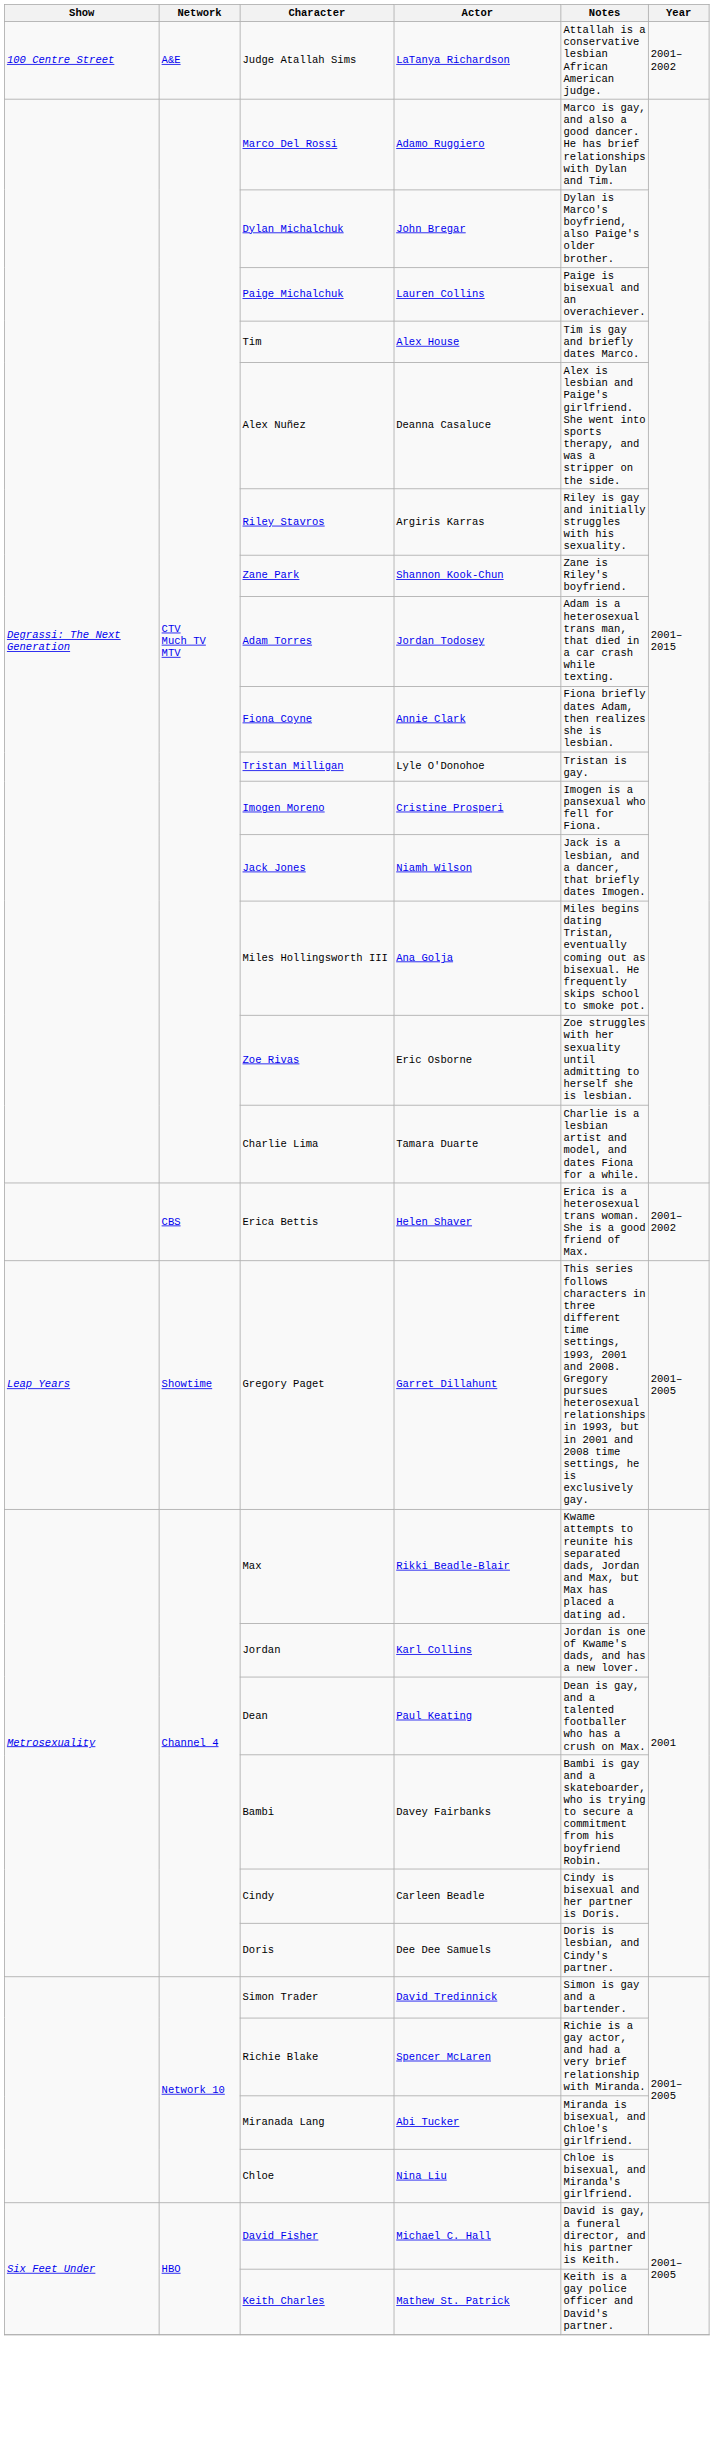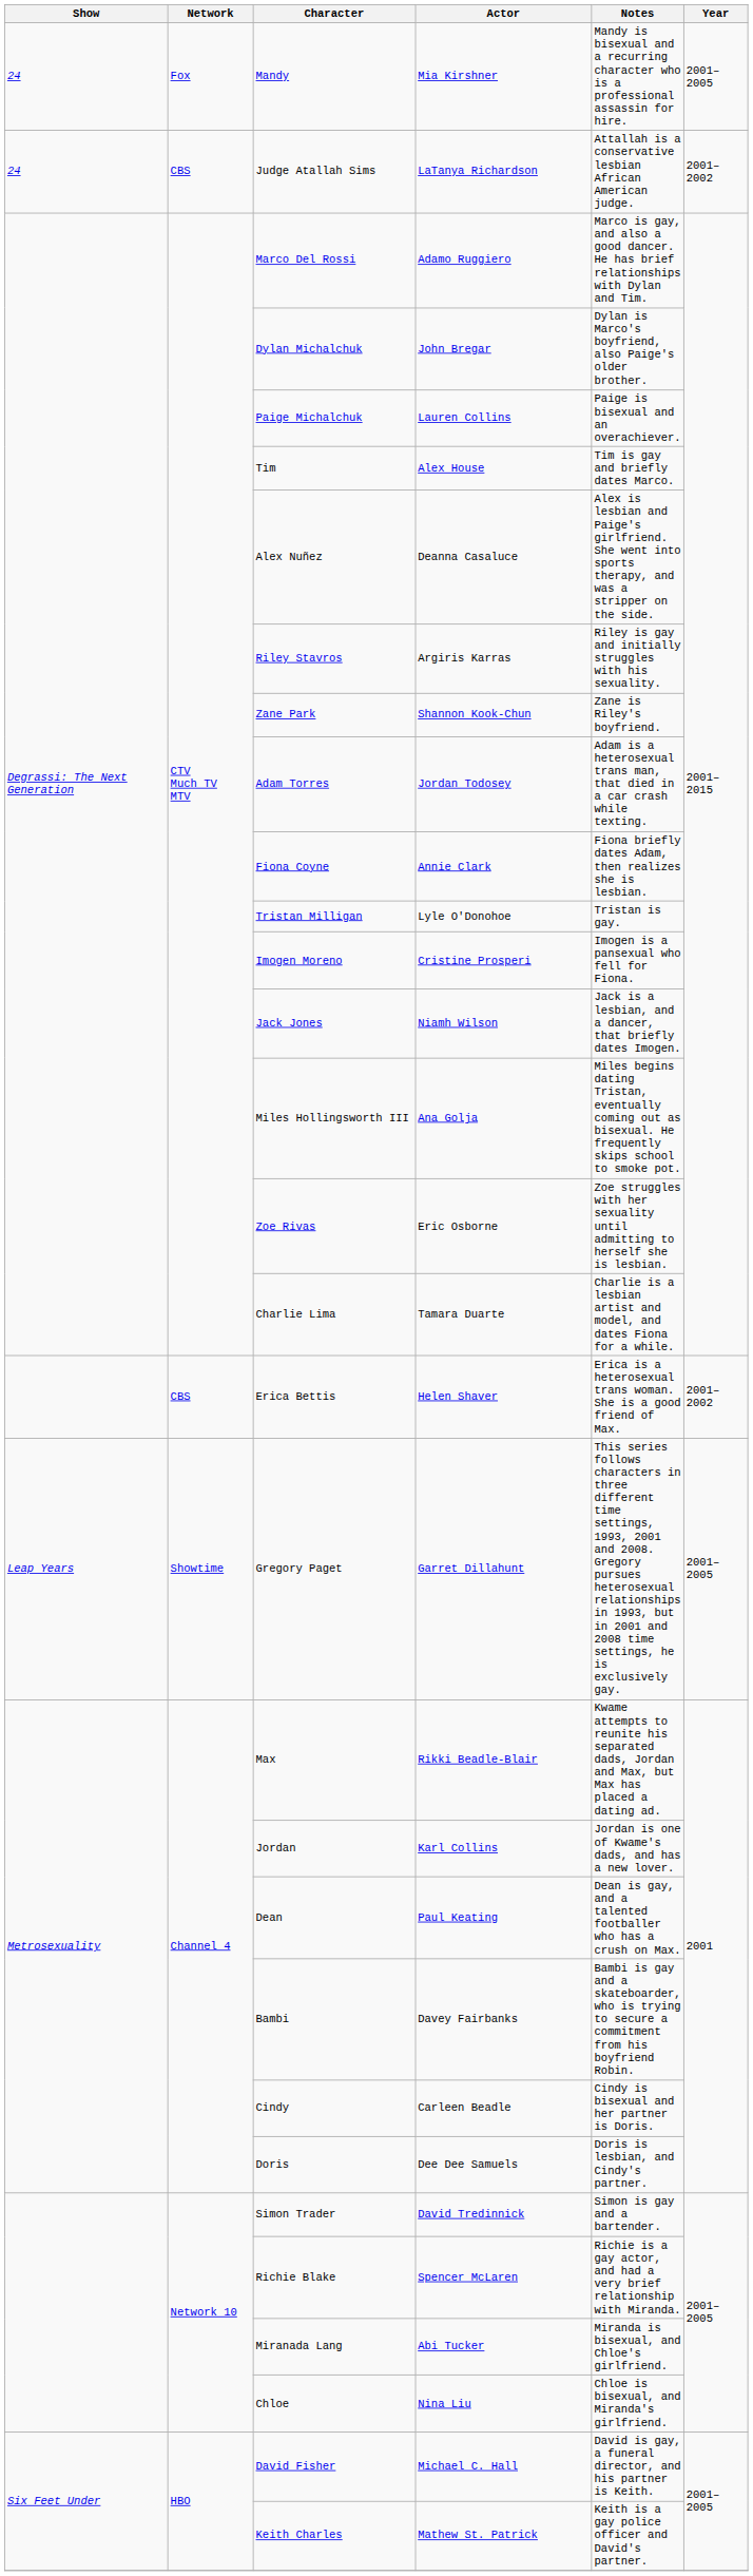 <table class="sortable wikitable" style="margins:auto; width=100%;">
 <tr>
 <th style="width:200px;">Show</th>
 <th style="width:100px;">Network</th>
 <th style="width:200px;">Character</th>
 <th style="width:225px;">Actor</th>
 <th>Notes</th>
 <th style="width:75px;">Year</th>
 </tr>
 <tr>
-<td><em><a href='#'>100 Centre Street</a></em></td>
-<td><a href='#'>A&E</a></td>
+<td><em><a href='#'>24</a></em></td>
+<td><a href='#'>Fox</a></td>
+<td><a href='#'>Mandy</a></td>
+<td><a href='#'>Mia Kirshner</a></td>
+<td>Mandy is bisexual and a recurring character who is a professional assassin for hire.</td>
+<td>2001–2005</td>
+</tr>
+<tr>
+<td><em><a href='#'>24</a></em></td>
+<td><a href='#'>CBS</a></td>
 <td>Judge Atallah Sims</td>
 <td><a href='#'>LaTanya Richardson</a></td>
 <td>Attallah is a conservative lesbian African American judge.</td>
 <td>2001–2002</td>
 </tr>
 <tr>
 <td rowspan="15"><em><a href='#'>Degrassi: The Next Generation</a></em></td>
 <td rowspan="15"><a href='#'>CTV</a><br><a href='#'>Much TV</a><br><a href='#'>MTV</a></td>
 <td><a href='#'>Marco Del Rossi</a></td>
 <td><a href='#'>Adamo Ruggiero</a></td>
 <td>Marco is gay, and also a good dancer. He has brief relationships with Dylan and Tim.</td>
 <td rowspan="15">2001–2015</td>
 </tr>
 <tr>
 <td><a href='#'>Dylan Michalchuk</a></td>
 <td><a href='#'>John Bregar</a></td>
 <td>Dylan is Marco's boyfriend, also Paige's older brother.</td>
 </tr>
 <tr>
 <td><a href='#'>Paige Michalchuk</a></td>
 <td><a href='#'>Lauren Collins</a></td>
 <td>Paige is bisexual and an overachiever.</td>
 </tr>
 <tr>
 <td>Tim</td>
 <td><a href='#'>Alex House</a></td>
 <td>Tim is gay and briefly dates Marco.</td>
 </tr>
 <tr>
 <td>Alex Nuñez</td>
 <td>Deanna Casaluce</td>
 <td>Alex is lesbian and Paige's girlfriend. She went into sports therapy, and was a stripper on the side.</td>
 </tr>
 <tr>
 <td><a href='#'>Riley Stavros</a></td>
 <td>Argiris Karras</td>
 <td>Riley is gay and initially struggles with his sexuality.</td>
 </tr>
 <tr>
 <td><a href='#'>Zane Park</a></td>
 <td><a href='#'>Shannon Kook-Chun</a></td>
 <td>Zane is Riley's boyfriend.</td>
 </tr>
 <tr>
 <td><a href='#'>Adam Torres</a></td>
 <td><a href='#'>Jordan Todosey</a></td>
 <td>Adam is a heterosexual trans man, that died in a car crash while texting.</td>
 </tr>
 <tr>
 <td><a href='#'>Fiona Coyne</a></td>
 <td><a href='#'>Annie Clark</a></td>
 <td>Fiona briefly dates Adam, then realizes she is lesbian.</td>
 </tr>
 <tr>
 <td><a href='#'>Tristan Milligan</a></td>
 <td>Lyle O'Donohoe</td>
 <td>Tristan is gay.</td>
 </tr>
 <tr>
 <td><a href='#'>Imogen Moreno</a></td>
 <td><a href='#'>Cristine Prosperi</a></td>
 <td>Imogen is a pansexual who fell for Fiona.</td>
 </tr>
 <tr>
 <td><a href='#'>Jack Jones</a></td>
 <td><a href='#'>Niamh Wilson</a></td>
 <td>Jack is a lesbian, and a dancer, that briefly dates Imogen.</td>
 </tr>
 <tr>
 <td>Miles Hollingsworth III</td>
 <td><a href='#'>Ana Golja</a></td>
 <td>Miles begins dating Tristan, eventually coming out as bisexual. He frequently skips school to smoke pot.</td>
 </tr>
 <tr>
 <td><a href='#'>Zoe Rivas</a></td>
 <td>Eric Osborne</td>
 <td>Zoe struggles with her sexuality until admitting to herself she is lesbian.</td>
 </tr>
 <tr>
 <td>Charlie Lima</td>
 <td>Tamara Duarte</td>
 <td>Charlie is a lesbian artist and model, and dates Fiona for a while.</td>
 </tr>
 <tr>
 <td><em></em></td>
 <td><a href='#'>CBS</a></td>
 <td>Erica Bettis</td>
 <td><a href='#'>Helen Shaver</a></td>
 <td>Erica is a heterosexual trans woman. She is a good friend of Max.</td>
 <td>2001–2002</td>
 </tr>
 <tr>
 <td><em><a href='#'>Leap Years</a></em></td>
 <td><a href='#'>Showtime</a></td>
 <td>Gregory Paget</td>
 <td><a href='#'>Garret Dillahunt</a></td>
 <td>This series follows characters in three different time settings, 1993, 2001 and 2008. Gregory pursues heterosexual relationships in 1993, but in 2001 and 2008 time settings, he is exclusively gay.</td>
 <td>2001–2005</td>
 </tr>
 <tr>
 <td rowspan="6"><em><a href='#'>Metrosexuality</a></em></td>
 <td rowspan="6"><a href='#'>Channel 4</a></td>
 <td>Max</td>
 <td><a href='#'>Rikki Beadle-Blair</a></td>
 <td>Kwame attempts to reunite his separated dads, Jordan and Max, but Max has placed a dating ad.</td>
 <td rowspan="6">2001</td>
 </tr>
 <tr>
 <td>Jordan</td>
 <td><a href='#'>Karl Collins</a></td>
 <td>Jordan is one of Kwame's dads, and has a new lover.</td>
 </tr>
 <tr>
 <td>Dean</td>
 <td><a href='#'>Paul Keating</a></td>
 <td>Dean is gay, and a talented footballer who has a crush on Max.</td>
 </tr>
 <tr>
 <td>Bambi</td>
 <td>Davey Fairbanks</td>
 <td>Bambi is gay and a skateboarder, who is trying to secure a commitment from his boyfriend Robin.</td>
 </tr>
 <tr>
 <td>Cindy</td>
 <td>Carleen Beadle</td>
 <td>Cindy is bisexual and her partner is Doris. </td>
 </tr>
 <tr>
 <td>Doris</td>
 <td>Dee Dee Samuels</td>
 <td>Doris is lesbian, and Cindy's partner.</td>
 </tr>
 <tr>
 <td rowspan="4"><em></em></td>
 <td rowspan="4"><a href='#'>Network 10</a></td>
 <td>Simon Trader</td>
 <td><a href='#'>David Tredinnick</a></td>
 <td>Simon is gay and a bartender.</td>
 <td rowspan="4">2001–2005</td>
 </tr>
 <tr>
 <td>Richie Blake</td>
 <td><a href='#'>Spencer McLaren</a></td>
 <td>Richie is a gay actor, and had a very brief relationship with Miranda.</td>
 </tr>
 <tr>
 <td>Miranada Lang</td>
 <td><a href='#'>Abi Tucker</a></td>
 <td>Miranda is bisexual, and Chloe's girlfriend.</td>
 </tr>
 <tr>
 <td>Chloe</td>
 <td><a href='#'>Nina Liu</a></td>
 <td>Chloe is bisexual, and Miranda's girlfriend.</td>
 </tr>
 <tr>
 <td rowspan="2"><em><a href='#'>Six Feet Under</a></em></td>
 <td rowspan="2"><a href='#'>HBO</a></td>
 <td><a href='#'>David Fisher</a></td>
 <td><a href='#'>Michael C. Hall</a></td>
 <td>David is gay, a funeral director, and his partner is Keith.</td>
 <td rowspan="2">2001–2005</td>
 </tr>
 <tr>
 <td><a href='#'>Keith Charles</a></td>
 <td><a href='#'>Mathew St. Patrick</a></td>
 <td>Keith is a gay police officer and David's partner.</td>
 </tr>
 <tr>
 </tr>
 </table>
